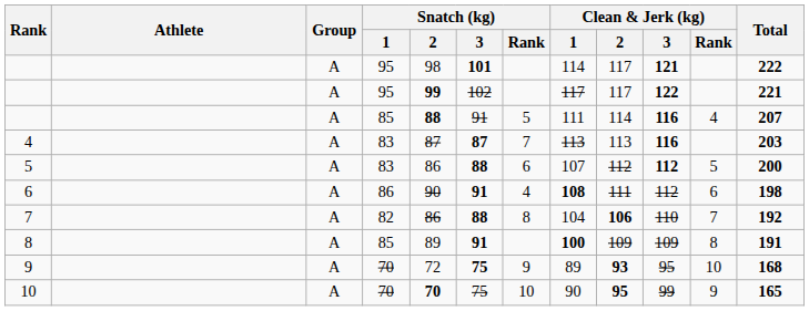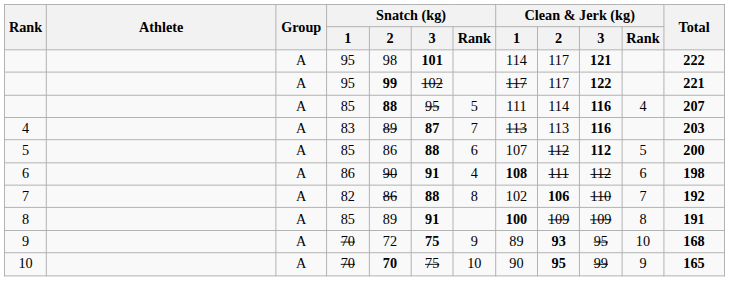 <table class = "wikitable" style="text-align:center;">
 <tr>
 <th rowspan=2 width=40>Rank</th>
 <th rowspan=2 width=250>Athlete</th>
 <th rowspan=2 width=50>Group</th>
 <th colspan=4>Snatch (kg)</th>
 <th colspan=4>Clean & Jerk (kg)</th>
 <th rowspan=2 width=60>Total</th>
 </tr>
 <tr>
 <th width=40>1</th>
 <th width=40>2</th>
 <th width=40>3</th>
 <th width=40>Rank</th>
 <th width=40>1</th>
 <th width=40>2</th>
 <th width=40>3</th>
 <th width=40>Rank</th>
 </tr>
 <tr>
 <td></td>
 <td align=left></td>
 <td>A</td>
 <td>95</td>
 <td>98</td>
 <td><strong>101</strong></td>
 <td></td>
 <td>114</td>
 <td>117</td>
 <td><strong>121</strong></td>
 <td></td>
 <td><strong>222</strong></td>
 </tr>
 <tr>
 <td></td>
 <td align=left></td>
 <td>A</td>
 <td>95</td>
 <td><strong>99</strong></td>
 <td><s>102</s></td>
 <td></td>
 <td><s>117</s></td>
 <td>117</td>
 <td><strong>122</strong></td>
 <td></td>
 <td><strong>221</strong></td>
 </tr>
 <tr>
 <td></td>
 <td align=left></td>
 <td>A</td>
 <td>85</td>
 <td><strong>88</strong></td>
-<td><s>91</s></td>
+<td><s>95</s></td>
 <td>5</td>
 <td>111</td>
 <td>114</td>
 <td><strong>116</strong></td>
 <td>4</td>
 <td><strong>207</strong></td>
 </tr>
 <tr>
 <td>4</td>
 <td align=left></td>
 <td>A</td>
 <td>83</td>
-<td><s>87</s></td>
+<td><s>89</s></td>
 <td><strong>87</strong></td>
 <td>7</td>
 <td><s>113</s></td>
 <td>113</td>
 <td><strong>116</strong></td>
 <td></td>
 <td><strong>203</strong></td>
 </tr>
 <tr>
 <td>5</td>
 <td align=left></td>
 <td>A</td>
-<td>83</td>
+<td>85</td>
 <td>86</td>
 <td><strong>88</strong></td>
 <td>6</td>
 <td>107</td>
 <td><s>112</s></td>
 <td><strong>112</strong></td>
 <td>5</td>
 <td><strong>200</strong></td>
 </tr>
 <tr>
 <td>6</td>
 <td align=left></td>
 <td>A</td>
 <td>86</td>
 <td><s>90</s></td>
 <td><strong>91</strong></td>
 <td>4</td>
 <td><strong>108</strong></td>
 <td><s>111</s></td>
 <td><s>112</s></td>
 <td>6</td>
 <td><strong>198</strong></td>
 </tr>
 <tr>
 <td>7</td>
 <td align=left></td>
 <td>A</td>
 <td>82</td>
 <td><s>86</s></td>
 <td><strong>88</strong></td>
 <td>8</td>
-<td>104</td>
+<td>102</td>
 <td><strong>106</strong></td>
 <td><s>110</s></td>
 <td>7</td>
 <td><strong>192</strong></td>
 </tr>
 <tr>
 <td>8</td>
 <td align=left></td>
 <td>A</td>
 <td>85</td>
 <td>89</td>
 <td><strong>91</strong></td>
 <td></td>
 <td><strong>100</strong></td>
 <td><s>109</s></td>
 <td><s>109</s></td>
 <td>8</td>
 <td><strong>191</strong></td>
 </tr>
 <tr>
 <td>9</td>
 <td align=left></td>
 <td>A</td>
 <td><s>70</s></td>
 <td>72</td>
 <td><strong>75</strong></td>
 <td>9</td>
 <td>89</td>
 <td><strong>93</strong></td>
 <td><s>95</s></td>
 <td>10</td>
 <td><strong>168</strong></td>
 </tr>
 <tr>
 <td>10</td>
 <td align=left></td>
 <td>A</td>
 <td><s>70</s></td>
 <td><strong>70</strong></td>
 <td><s>75</s></td>
 <td>10</td>
 <td>90</td>
 <td><strong>95</strong></td>
 <td><s>99</s></td>
 <td>9</td>
 <td><strong>165</strong></td>
 </tr>
 </table>
